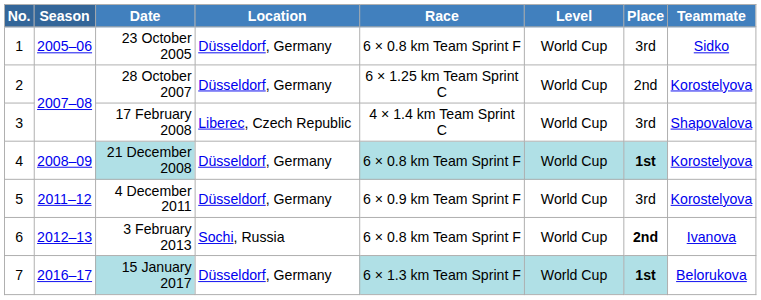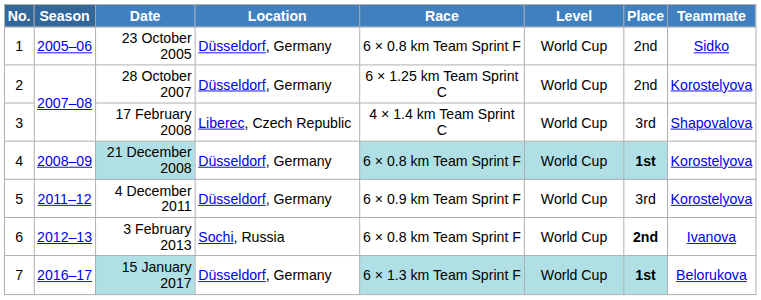 <table class="wikitable sortable" style="font-size:95%; text-align:center; border:grey solid 1px; border-collapse:collapse; background:#ffffff;">
 <tr style="background:#efefef;">
 <th style="background-color:#369; color:white;">No.</th>
 <th style="background-color:#369; color:white;">Season</th>
 <th style="background-color:#4180be; color:white; width:100px;">Date</th>
 <th style="background-color:#4180be; color:white; width:170px;">Location</th>
 <th style="background-color:#4180be; color:white; width:170px;">Race</th>
 <th style="background-color:#4180be; color:white; width:100px;">Level</th>
 <th style="background-color:#4180be; color:white;">Place</th>
 <th style="background-color:#4180be; color:white;">Teammate</th>
 </tr>
 <tr>
 <td align=center>1</td>
 <td rowspan=1 align=center><a href='#'>2005–06</a></td>
 <td align=right>23 October 2005</td>
 <td align=left> <a href='#'>Düsseldorf</a>, Germany</td>
 <td>6 × 0.8 km Team Sprint F</td>
 <td>World Cup</td>
-<td>3rd</td>
+<td>2nd</td>
 <td><a href='#'>Sidko</a></td>
 </tr>
 <tr>
 <td align=center>2</td>
 <td rowspan=2 align=center><a href='#'>2007–08</a></td>
 <td align=right>28 October 2007</td>
 <td align=left> <a href='#'>Düsseldorf</a>, Germany</td>
 <td>6 × 1.25 km Team Sprint C</td>
 <td>World Cup</td>
 <td>2nd</td>
 <td><a href='#'>Korostelyova</a></td>
 </tr>
 <tr>
 <td align=center>3</td>
 <td align=right>17 February 2008</td>
 <td align=left> <a href='#'>Liberec</a>, Czech Republic</td>
 <td>4 × 1.4 km Team Sprint C</td>
 <td>World Cup</td>
 <td>3rd</td>
 <td><a href='#'>Shapovalova</a></td>
 </tr>
 <tr>
 <td align=center>4</td>
 <td rowspan=1 align=center><a href='#'>2008–09</a></td>
 <td bgcolor="#BOEOE6" align=right>21 December 2008</td>
 <td align=left> <a href='#'>Düsseldorf</a>, Germany</td>
 <td bgcolor="#BOEOE6">6 × 0.8 km Team Sprint F</td>
 <td bgcolor="#BOEOE6">World Cup</td>
 <td bgcolor="#BOEOE6"><strong>1st</strong></td>
 <td><a href='#'>Korostelyova</a></td>
 </tr>
 <tr>
 <td align=center>5</td>
 <td rowspan=1 align=center><a href='#'>2011–12</a></td>
 <td align=right>4 December 2011</td>
 <td align=left> <a href='#'>Düsseldorf</a>, Germany</td>
 <td>6 × 0.9 km Team Sprint F</td>
 <td>World Cup</td>
 <td>3rd</td>
 <td><a href='#'>Korostelyova</a></td>
 </tr>
 <tr>
 <td align=center>6</td>
 <td rowspan=1 align=center><a href='#'>2012–13</a></td>
 <td align=right>3 February 2013</td>
 <td align=left> <a href='#'>Sochi</a>, Russia</td>
 <td>6 × 0.8 km Team Sprint F</td>
 <td>World Cup</td>
 <td><strong>2nd</strong></td>
 <td><a href='#'>Ivanova</a></td>
 </tr>
 <tr>
 <td align=center>7</td>
 <td rowspan=1 align=center><a href='#'>2016–17</a></td>
 <td bgcolor="#BOEOE6" align=right>15 January 2017</td>
 <td align=left> <a href='#'>Düsseldorf</a>, Germany</td>
 <td bgcolor="#BOEOE6">6 × 1.3 km Team Sprint F</td>
 <td bgcolor="#BOEOE6">World Cup</td>
 <td bgcolor="#BOEOE6"><strong>1st</strong></td>
 <td><a href='#'>Belorukova</a></td>
 </tr>
 </table>
